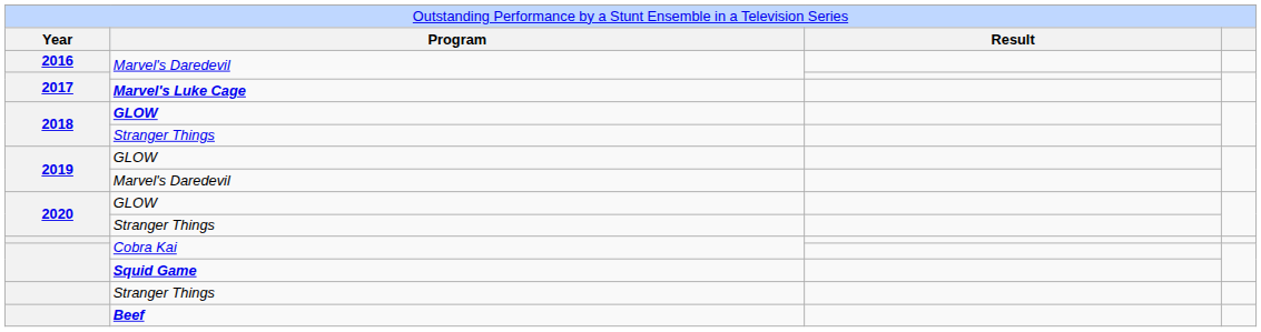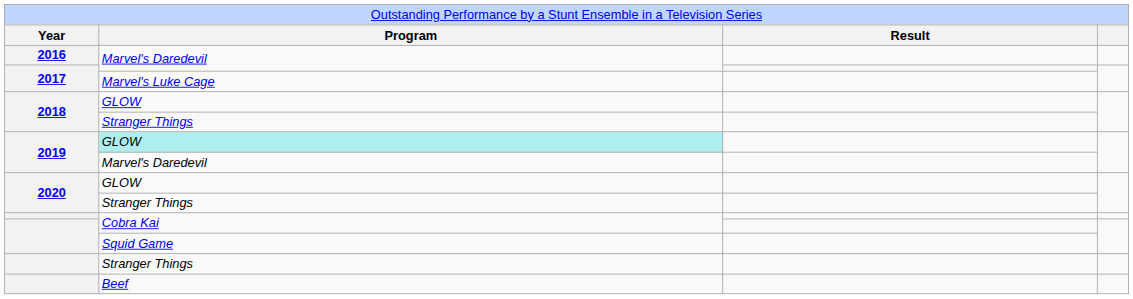 <table class="wikitable plainrowheaders" style="font-size: 90%" width=100%>
 <tr>
 </tr>
 <tr ---- bgcolor="#bfd7ff">
 <td colspan=6 align=center><a href='#'>Outstanding Performance by a Stunt Ensemble in a Television Series</a></td>
 </tr>
 <tr ---- bgcolor="#ebf5ff">
 <th scope="col" style="width:3%;">Year</th>
 <th scope="col" style="width:20%;">Program</th>
 <th scope="col" style="width:12%;">Result</th>
 <th scope="col" class="unsortable" style="width:1%;"></th>
 </tr>
 <tr>
 <th scope=row style="text-align: center;"><a href='#'>2016</a></th>
 <td rowspan="2"><em><a href='#'>Marvel's Daredevil</a></em></td>
 <td></td>
 <td style="text-align: center;"></td>
 </tr>
 <tr>
 <th scope=row rowspan="2" style="text-align: center;"><a href='#'>2017</a></th>
 <td></td>
 <td rowspan="2" style="text-align: center;"></td>
 </tr>
 <tr>
-<td><strong><em><a href='#'>Marvel's Luke Cage</a></em></strong></td>
+<td><em><a href='#'>Marvel's Luke Cage</a></em></td>
 <td></td>
 </tr>
 <tr>
 <th scope=row rowspan="2" style="text-align: center;"><a href='#'>2018</a></th>
-<td><strong><em><a href='#'>GLOW</a></em></strong></td>
+<td><em><a href='#'>GLOW</a></em></td>
 <td></td>
 <td rowspan="2" style="text-align: center;"></td>
 </tr>
 <tr>
 <td><em><a href='#'>Stranger Things</a></em></td>
 <td></td>
 </tr>
 <tr>
 <th scope=row rowspan="2" style="text-align: center;"><a href='#'>2019</a></th>
-<td><em>GLOW</em></td>
+<td style="background: paleturquoise;"><em>GLOW</em></td>
 <td></td>
 <td rowspan="2" style="text-align: center;"></td>
 </tr>
 <tr>
 <td><em>Marvel's Daredevil</em></td>
 <td></td>
 </tr>
 <tr>
 <th scope=row rowspan="2" style="text-align: center;"><a href='#'>2020</a></th>
 <td><em>GLOW</em></td>
 <td></td>
 <td rowspan="2" style="text-align: center;"></td>
 </tr>
 <tr>
 <td><em>Stranger Things</em></td>
 <td></td>
 </tr>
 <tr>
 <th scope="row"></th>
 <td rowspan="2"><em><a href='#'>Cobra Kai</a></em></td>
 <td></td>
 <td align="center"></td>
 </tr>
 <tr>
 <th scope="row" rowspan="2"></th>
 <td></td>
 <td rowspan="2" align="center"></td>
 </tr>
 <tr>
-<td><strong><em><a href='#'>Squid Game</a></em></strong></td>
+<td><em><a href='#'>Squid Game</a></em></td>
 <td></td>
 </tr>
 <tr>
 <th scope="row"></th>
 <td><em>Stranger Things</em></td>
 <td></td>
 <td align="center"></td>
 </tr>
 <tr>
 <th scope="row"></th>
-<td><strong><em><a href='#'>Beef</a></em></strong></td>
+<td><em><a href='#'>Beef</a></em></td>
 <td></td>
 <td align="center"></td>
 </tr>
 </table>
